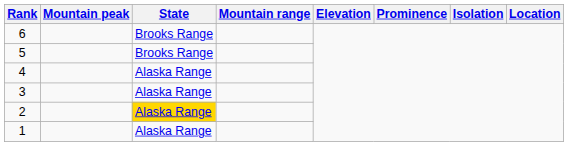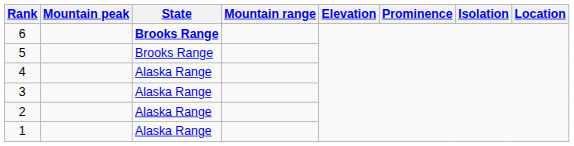 <table class="wikitable sortable">
 <tr>
 <th><a href='#'>Rank</a></th>
 <th><a href='#'>Mountain peak</a></th>
 <th><a href='#'>State</a></th>
 <th><a href='#'>Mountain range</a></th>
 <th><a href='#'>Elevation</a></th>
 <th><a href='#'>Prominence</a></th>
 <th><a href='#'>Isolation</a></th>
 <th><a href='#'>Location</a></th>
 </tr>
 <tr>
 <td align=center>6<br></td>
 <td></td>
-<td><a href='#'>Brooks Range</a><br></td>
+<td><strong><a href='#'>Brooks Range</a><br></strong></td>
 <td></td>
 </tr>
 <tr>
 <td align=center>5<br></td>
 <td></td>
 <td><a href='#'>Brooks Range</a><br></td>
 <td></td>
 </tr>
 <tr>
 <td align=center>4<br></td>
 <td></td>
 <td><a href='#'>Alaska Range</a><br></td>
 <td></td>
 </tr>
 <tr>
 <td align=center>3<br></td>
 <td></td>
 <td><a href='#'>Alaska Range</a><br></td>
 <td></td>
 </tr>
 <tr>
 <td align=center>2<br></td>
 <td></td>
-<td style="background: gold;"><a href='#'>Alaska Range</a><br></td>
+<td><a href='#'>Alaska Range</a><br></td>
 <td></td>
 </tr>
 <tr>
 <td align=center>1<br></td>
 <td></td>
 <td><a href='#'>Alaska Range</a><br></td>
 <td></td>
 </tr>
 </table>
